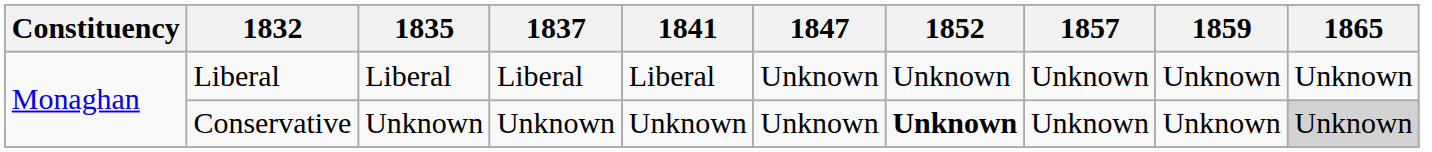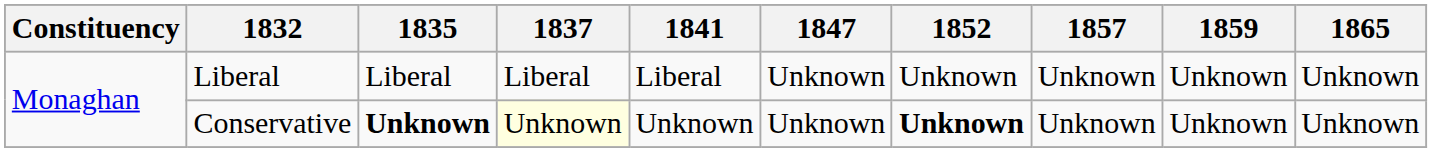 <table class=wikitable sortable>
 <tr>
 <th>Constituency</th>
 <th>1832</th>
 <th>1835</th>
 <th>1837</th>
 <th>1841</th>
 <th>1847</th>
 <th>1852</th>
 <th>1857</th>
 <th>1859</th>
 <th>1865</th>
 </tr>
 <tr>
 <td rowspan=2><a href='#'>Monaghan</a></td>
 <td bgcolor=>Liberal</td>
 <td bgcolor=>Liberal</td>
 <td bgcolor=>Liberal</td>
 <td bgcolor=>Liberal</td>
 <td>Unknown</td>
 <td>Unknown</td>
 <td>Unknown</td>
 <td>Unknown</td>
 <td>Unknown</td>
 </tr>
 <tr>
 <td bgcolor=>Conservative</td>
-<td>Unknown</td>
-<td>Unknown</td>
+<td><strong>Unknown</strong></td>
+<td style="background: lightyellow;">Unknown</td>
 <td>Unknown</td>
 <td>Unknown</td>
 <td><strong>Unknown</strong></td>
 <td>Unknown</td>
 <td>Unknown</td>
-<td style="background: lightgrey;">Unknown</td>
+<td>Unknown</td>
 </tr>
 </table>
